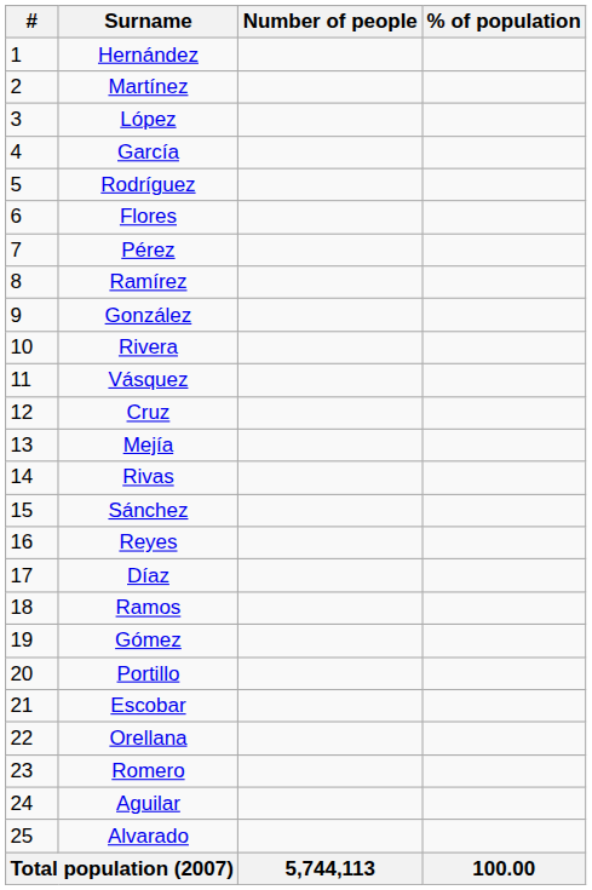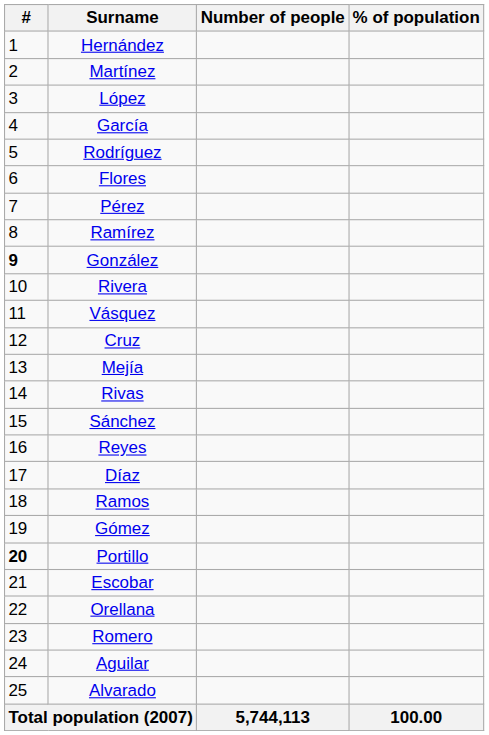 <table class="wikitable" style="text-align: center">
 <tr>
 <th>#</th>
 <th>Surname</th>
 <th>Number of people</th>
 <th>% of population</th>
 </tr>
 <tr>
 <td align="left">1</td>
 <td><a href='#'>Hernández</a></td>
 <td></td>
 <td></td>
 </tr>
 <tr>
 <td align="left">2</td>
 <td><a href='#'>Martínez</a></td>
 <td></td>
 <td></td>
 </tr>
 <tr>
 <td align="left">3</td>
 <td><a href='#'>López</a></td>
 <td></td>
 <td></td>
 </tr>
 <tr>
 <td align="left">4</td>
 <td><a href='#'>García</a></td>
 <td></td>
 <td></td>
 </tr>
 <tr>
 <td align="left">5</td>
 <td><a href='#'>Rodríguez</a></td>
 <td></td>
 <td></td>
 </tr>
 <tr>
 <td align="left">6</td>
 <td><a href='#'>Flores</a></td>
 <td></td>
 <td></td>
 </tr>
 <tr>
 <td align="left">7</td>
 <td><a href='#'>Pérez</a></td>
 <td></td>
 <td></td>
 </tr>
 <tr>
 <td align="left">8</td>
 <td><a href='#'>Ramírez</a></td>
 <td></td>
 <td></td>
 </tr>
 <tr>
-<td align="left">9</td>
+<td align="left"><strong>9</strong></td>
 <td><a href='#'>González</a></td>
 <td></td>
 <td></td>
 </tr>
 <tr>
 <td align="left">10</td>
 <td><a href='#'>Rivera</a></td>
 <td></td>
 <td></td>
 </tr>
 <tr>
 <td align="left">11</td>
 <td><a href='#'>Vásquez</a></td>
 <td></td>
 <td></td>
 </tr>
 <tr>
 <td align="left">12</td>
 <td><a href='#'>Cruz</a></td>
 <td></td>
 <td></td>
 </tr>
 <tr>
 <td align="left">13</td>
 <td><a href='#'>Mejía</a></td>
 <td></td>
 <td></td>
 </tr>
 <tr>
 <td align="left">14</td>
 <td><a href='#'>Rivas</a></td>
 <td></td>
 <td></td>
 </tr>
 <tr>
 <td align="left">15</td>
 <td><a href='#'>Sánchez</a></td>
 <td></td>
 <td></td>
 </tr>
 <tr>
 <td align="left">16</td>
 <td><a href='#'>Reyes</a></td>
 <td></td>
 <td></td>
 </tr>
 <tr>
 <td align="left">17</td>
 <td><a href='#'>Díaz</a></td>
 <td></td>
 <td></td>
 </tr>
 <tr>
 <td align="left">18</td>
 <td><a href='#'>Ramos</a></td>
 <td></td>
 <td></td>
 </tr>
 <tr>
 <td align="left">19</td>
 <td><a href='#'>Gómez</a></td>
 <td></td>
 <td></td>
 </tr>
 <tr>
-<td align="left">20</td>
+<td align="left"><strong>20</strong></td>
 <td><a href='#'>Portillo</a></td>
 <td></td>
 <td></td>
 </tr>
 <tr>
 <td align="left">21</td>
 <td><a href='#'>Escobar</a></td>
 <td></td>
 <td></td>
 </tr>
 <tr>
 <td align="left">22</td>
 <td><a href='#'>Orellana</a></td>
 <td></td>
 <td></td>
 </tr>
 <tr>
 <td align="left">23</td>
 <td><a href='#'>Romero</a></td>
 <td></td>
 <td></td>
 </tr>
 <tr>
 <td align="left">24</td>
 <td><a href='#'>Aguilar</a></td>
 <td></td>
 <td></td>
 </tr>
 <tr>
 <td align="left">25</td>
 <td><a href='#'>Alvarado</a></td>
 <td></td>
 <td><br></td>
 </tr>
 <tr>
 <th colspan="2">Total population (2007)</th>
 <th>5,744,113</th>
 <th>100.00</th>
 </tr>
 </table>
